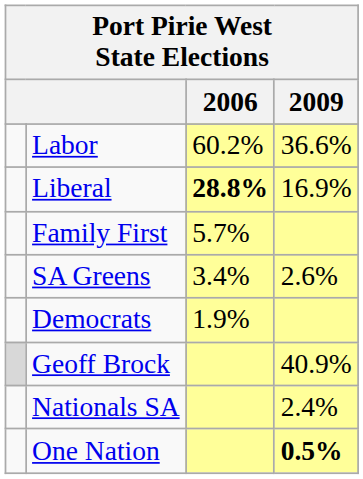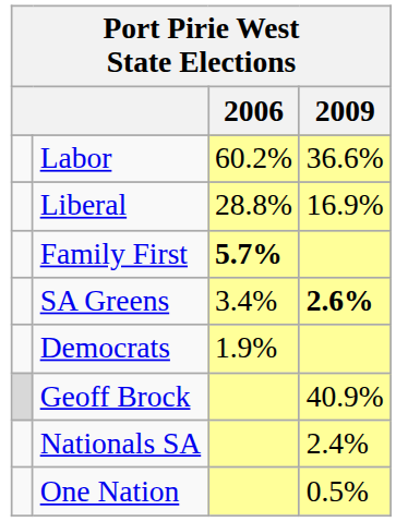 <table class="wikitable" style="float:right; margin-left:1em">
 <tr>
 <th colspan="4">Port Pirie West<br>State Elections</th>
 </tr>
 <tr>
 <th colspan="2"></th>
 <th>2006</th>
 <th>2009</th>
 </tr>
 <tr>
 <td> </td>
 <td><a href='#'>Labor</a></td>
 <td bgcolor="FFFF99">60.2%</td>
 <td bgcolor="FFFF99">36.6%</td>
 </tr>
 <tr>
 <td> </td>
 <td><a href='#'>Liberal</a></td>
-<td bgcolor="FFFF99"><strong>28.8%</strong></td>
+<td bgcolor="FFFF99">28.8%</td>
 <td bgcolor="FFFF99">16.9%</td>
 </tr>
 <tr>
 <td> </td>
 <td><a href='#'>Family First</a></td>
-<td bgcolor="FFFF99">5.7%</td>
+<td bgcolor="FFFF99"><strong>5.7%</strong></td>
 <td bgcolor="FFFF99"></td>
 </tr>
 <tr>
 <td> </td>
 <td><a href='#'>SA Greens</a></td>
 <td bgcolor="FFFF99">3.4%</td>
-<td bgcolor="FFFF99">2.6%</td>
+<td bgcolor="FFFF99"><strong>2.6%</strong></td>
 </tr>
 <tr>
 <td> </td>
 <td><a href='#'>Democrats</a></td>
 <td bgcolor="FFFF99">1.9%</td>
 <td bgcolor="FFFF99"></td>
 </tr>
 <tr>
 <td bgcolor="#D8D8D8"> </td>
 <td><a href='#'>Geoff Brock</a></td>
 <td bgcolor="FFFF99"></td>
 <td bgcolor="FFFF99">40.9%</td>
 </tr>
 <tr>
 <td> </td>
 <td><a href='#'>Nationals SA</a></td>
 <td bgcolor="FFFF99"></td>
 <td bgcolor="FFFF99">2.4%</td>
 </tr>
 <tr>
 <td> </td>
 <td><a href='#'>One Nation</a></td>
 <td bgcolor="FFFF99"></td>
-<td bgcolor="FFFF99"><strong>0.5%</strong></td>
+<td bgcolor="FFFF99">0.5%</td>
 </tr>
 </table>
